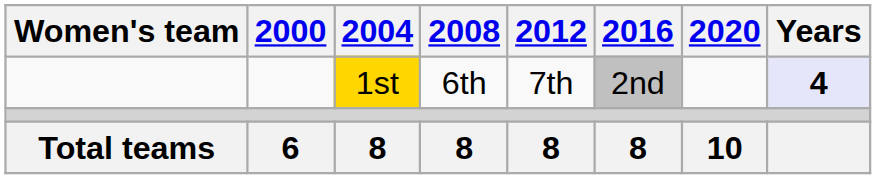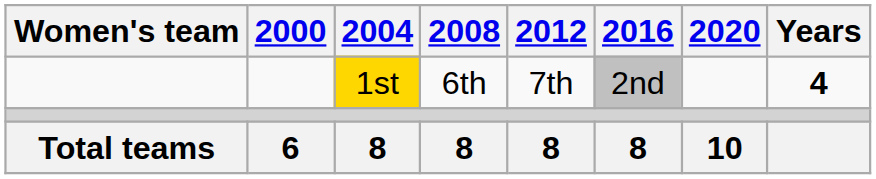 <table class="wikitable" style="text-align: center; font-size: 90%; margin-left: 1em;">
 <tr>
 <th>Women's team</th>
 <th><a href='#'>2000</a></th>
 <th><a href='#'>2004</a></th>
 <th><a href='#'>2008</a></th>
 <th><a href='#'>2012</a></th>
 <th><a href='#'>2016</a></th>
 <th><a href='#'>2020</a></th>
 <th>Years</th>
 </tr>
 <tr>
 <td style="text-align: left;"></td>
 <td></td>
 <td style="background-color: gold;">1st</td>
 <td>6th</td>
 <td>7th</td>
 <td style="background-color: silver;">2nd</td>
 <td></td>
-<td style="background: lavender;"><strong>4</strong></td>
+<td><strong>4</strong></td>
 </tr>
 <tr style="background-color: lightgrey;">
 <td colspan="8"></td>
 </tr>
 <tr>
 <th>Total teams</th>
 <th>6</th>
 <th>8</th>
 <th>8</th>
 <th>8</th>
 <th>8</th>
 <th>10</th>
 <th></th>
 </tr>
 </table>
